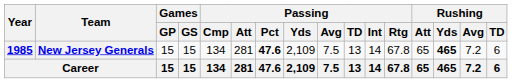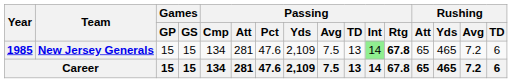 <table class="wikitable" style="text-align: center;">
 <tr>
 <th rowspan="2">Year</th>
 <th rowspan="2">Team</th>
 <th colspan="2">Games</th>
 <th colspan="8">Passing</th>
 <th colspan="4">Rushing</th>
 </tr>
 <tr>
 <th>GP</th>
 <th>GS</th>
 <th>Cmp</th>
 <th>Att</th>
 <th>Pct</th>
 <th>Yds</th>
 <th>Avg</th>
 <th>TD</th>
 <th>Int</th>
 <th>Rtg</th>
 <th>Att</th>
 <th>Yds</th>
 <th>Avg</th>
 <th>TD</th>
 </tr>
 <tr>
 <th><a href='#'>1985</a></th>
 <th><a href='#'>New Jersey Generals</a></th>
 <td>15</td>
 <td>15</td>
 <td>134</td>
 <td>281</td>
-<td><strong>47.6</strong></td>
+<td>47.6</td>
 <td>2,109</td>
 <td>7.5</td>
 <td>13</td>
-<td>14</td>
-<td>67.8</td>
+<td style="background: lightgreen;">14</td>
+<td><strong>67.8</strong></td>
 <td>65</td>
-<td><strong>465</strong></td>
+<td>465</td>
 <td>7.2</td>
 <td>6</td>
 </tr>
 <tr>
 <th colspan="2">Career</th>
 <th>15</th>
 <th>15</th>
 <th>134</th>
 <th>281</th>
 <th>47.6</th>
 <th>2,109</th>
 <th>7.5</th>
 <th>13</th>
 <th>14</th>
 <th>67.8</th>
 <th>65</th>
 <th>465</th>
 <th>7.2</th>
 <th>6</th>
 </tr>
 </table>
